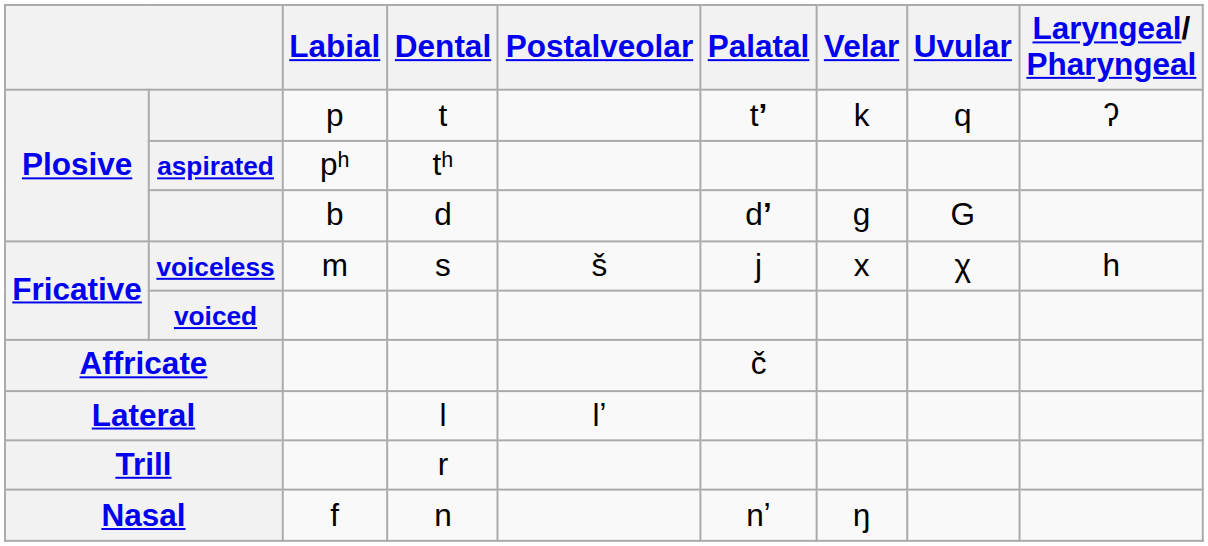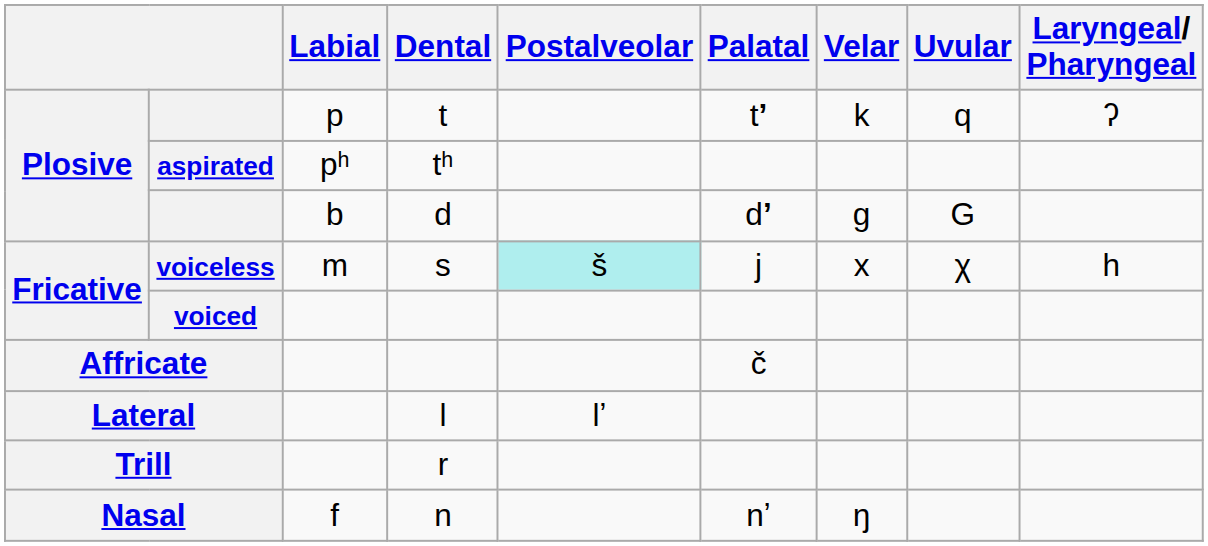 <table class="wikitable" border="1" style="text-align:center;">
 <tr>
 <th colspan="2"></th>
 <th><a href='#'>Labial</a></th>
 <th><a href='#'>Dental</a></th>
 <th><a href='#'>Postalveolar</a></th>
 <th><a href='#'>Palatal</a></th>
 <th><a href='#'>Velar</a></th>
 <th><a href='#'>Uvular</a></th>
 <th><a href='#'>Laryngeal</a>/<br><a href='#'>Pharyngeal</a></th>
 </tr>
 <tr>
 <th rowspan="3"><a href='#'>Plosive</a></th>
 <th></th>
 <td>p </td>
 <td>t </td>
 <td></td>
 <td>t<strong>ʼ</strong> </td>
 <td>k </td>
 <td>q </td>
 <td>ʔ </td>
 </tr>
 <tr>
 <th><a href='#'><small>aspirated</small></a></th>
 <td>pʰ </td>
 <td>tʰ </td>
 <td></td>
 <td></td>
 <td></td>
 <td></td>
 <td></td>
 </tr>
 <tr>
 <th></th>
 <td>b </td>
 <td>d </td>
 <td></td>
 <td>d<strong>ʼ</strong> </td>
 <td>g </td>
 <td>G </td>
 <td></td>
 </tr>
 <tr>
 <th rowspan="2"><a href='#'>Fricative</a></th>
 <th><a href='#'><small>voiceless</small></a></th>
 <td>m </td>
 <td>s </td>
-<td>š </td>
+<td style="background: paleturquoise;">š </td>
 <td>j </td>
 <td>x </td>
 <td>χ </td>
 <td>h </td>
 </tr>
 <tr>
 <th><a href='#'><small>voiced</small></a></th>
 <td></td>
 <td></td>
 <td></td>
 <td></td>
 <td></td>
 <td></td>
 <td></td>
 </tr>
 <tr>
 <th colspan="2"><a href='#'>Affricate</a></th>
 <td></td>
 <td></td>
 <td></td>
 <td>č </td>
 <td></td>
 <td></td>
 <td></td>
 </tr>
 <tr>
 <th colspan="2"><a href='#'>Lateral</a></th>
 <td></td>
 <td>l </td>
 <td>lʼ </td>
 <td></td>
 <td></td>
 <td></td>
 <td></td>
 </tr>
 <tr>
 <th colspan="2"><a href='#'>Trill</a></th>
 <td></td>
 <td>r </td>
 <td></td>
 <td></td>
 <td></td>
 <td></td>
 <td></td>
 </tr>
 <tr>
 <th colspan="2"><a href='#'>Nasal</a></th>
 <td>f </td>
 <td>n </td>
 <td></td>
 <td>nʼ </td>
 <td>ŋ </td>
 <td></td>
 <td></td>
 </tr>
 </table>
